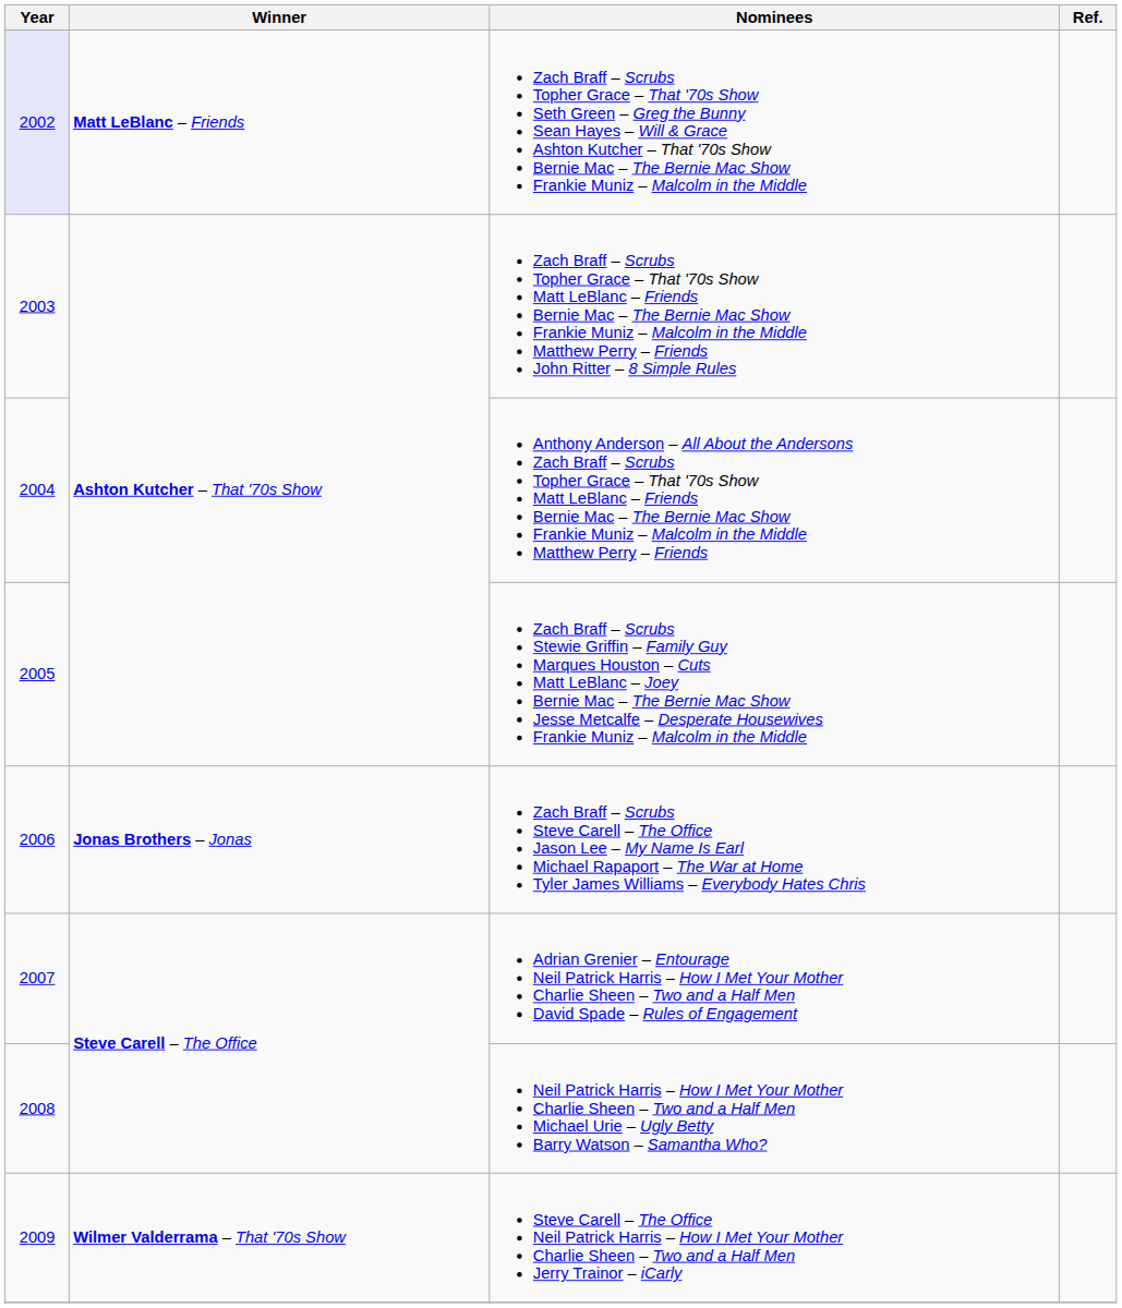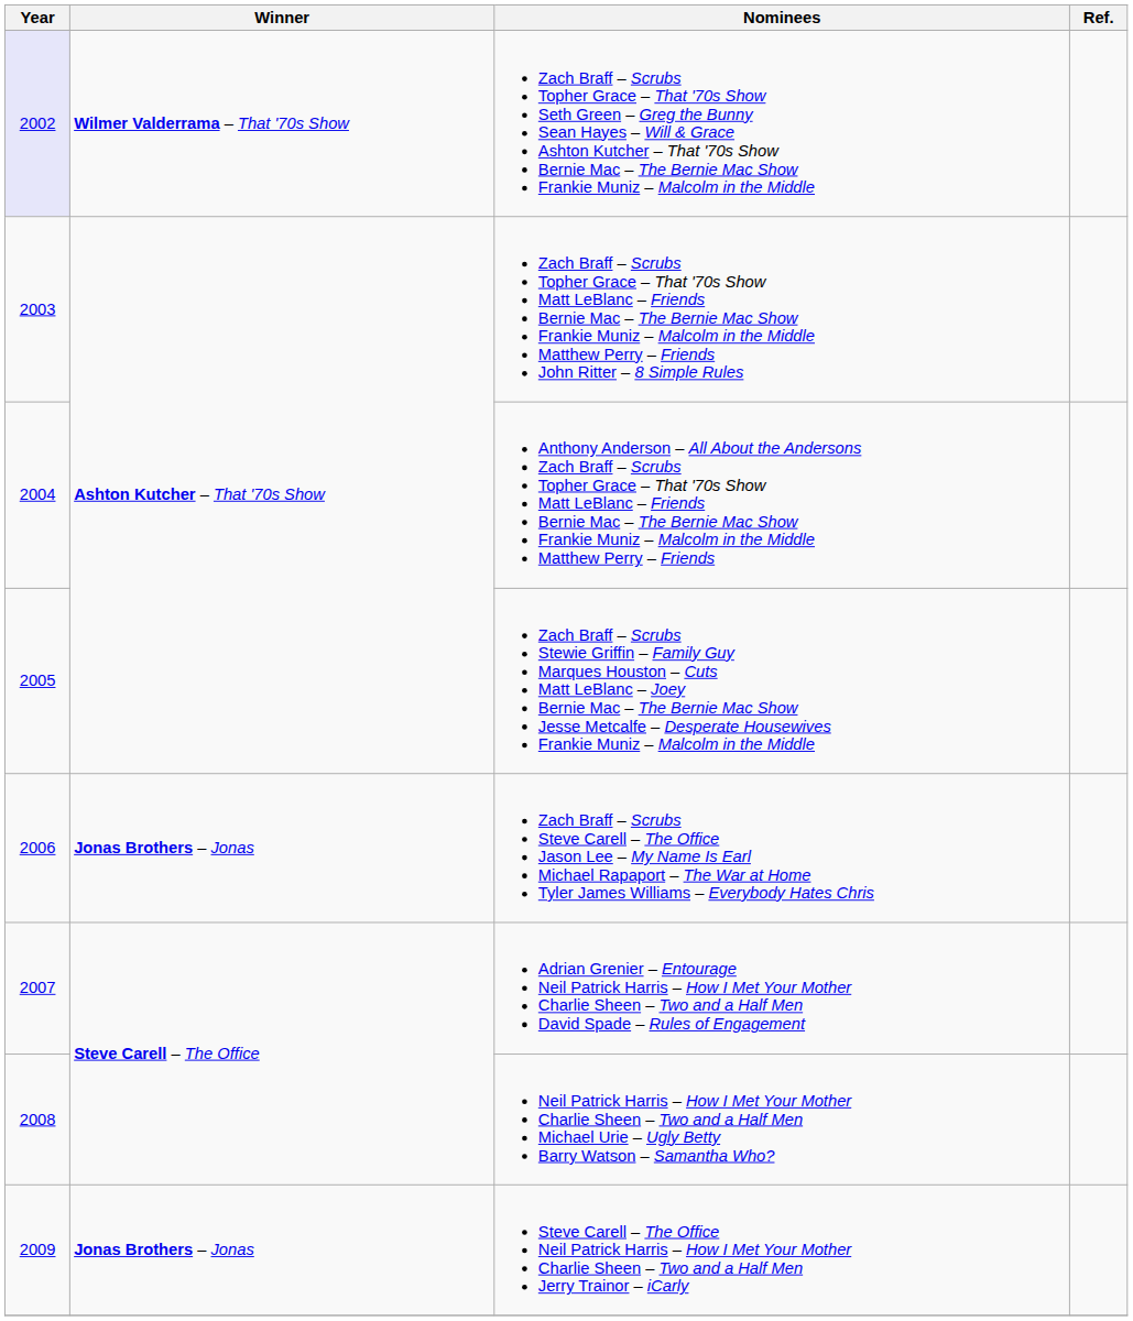 <table class="wikitable" width=70%>
 <tr>
 <th>Year</th>
 <th>Winner</th>
 <th>Nominees</th>
 <th>Ref.</th>
 </tr>
 <tr>
 <td align="center" style="background: lavender;"><a href='#'>2002</a></td>
-<td><strong><a href='#'>Matt LeBlanc</a></strong> – <em><a href='#'>Friends</a></em></td>
+<td><strong><a href='#'>Wilmer Valderrama</a></strong> – <em><a href='#'>That '70s Show</a></em></td>
 <td><br><ul><li><a href='#'>Zach Braff</a> – <em><a href='#'>Scrubs</a></em></li><li><a href='#'>Topher Grace</a> – <em><a href='#'>That '70s Show</a></em></li><li><a href='#'>Seth Green</a> – <em><a href='#'>Greg the Bunny</a></em></li><li><a href='#'>Sean Hayes</a> – <em><a href='#'>Will & Grace</a></em></li><li><a href='#'>Ashton Kutcher</a> – <em>That '70s Show</em></li><li><a href='#'>Bernie Mac</a> – <em><a href='#'>The Bernie Mac Show</a></em></li><li><a href='#'>Frankie Muniz</a> – <em><a href='#'>Malcolm in the Middle</a></em></li></ul></td>
 <td align="center"></td>
 </tr>
 <tr>
 <td align="center"><a href='#'>2003</a></td>
 <td rowspan=3><strong><a href='#'>Ashton Kutcher</a></strong> – <em><a href='#'>That '70s Show</a></em></td>
 <td><br><ul><li><a href='#'>Zach Braff</a> – <em><a href='#'>Scrubs</a></em></li><li><a href='#'>Topher Grace</a> – <em>That '70s Show</em></li><li><a href='#'>Matt LeBlanc</a> – <em><a href='#'>Friends</a></em></li><li><a href='#'>Bernie Mac</a> – <em><a href='#'>The Bernie Mac Show</a></em></li><li><a href='#'>Frankie Muniz</a> – <em><a href='#'>Malcolm in the Middle</a></em></li><li><a href='#'>Matthew Perry</a> – <em><a href='#'>Friends</a></em></li><li><a href='#'>John Ritter</a> – <em><a href='#'>8 Simple Rules</a></em></li></ul></td>
 <td align="center"></td>
 </tr>
 <tr>
 <td align="center"><a href='#'>2004</a></td>
 <td><br><ul><li><a href='#'>Anthony Anderson</a> – <em><a href='#'>All About the Andersons</a></em></li><li><a href='#'>Zach Braff</a> – <em><a href='#'>Scrubs</a></em></li><li><a href='#'>Topher Grace</a> – <em>That '70s Show</em></li><li><a href='#'>Matt LeBlanc</a> – <em><a href='#'>Friends</a></em></li><li><a href='#'>Bernie Mac</a> – <em><a href='#'>The Bernie Mac Show</a></em></li><li><a href='#'>Frankie Muniz</a> – <em><a href='#'>Malcolm in the Middle</a></em></li><li><a href='#'>Matthew Perry</a> – <em><a href='#'>Friends</a></em></li></ul></td>
 <td align="center"></td>
 </tr>
 <tr>
 <td align="center"><a href='#'>2005</a></td>
 <td><br><ul><li><a href='#'>Zach Braff</a> – <em><a href='#'>Scrubs</a></em></li><li><a href='#'>Stewie Griffin</a> – <em><a href='#'>Family Guy</a></em></li><li><a href='#'>Marques Houston</a> – <em><a href='#'>Cuts</a></em></li><li><a href='#'>Matt LeBlanc</a> – <em><a href='#'>Joey</a></em></li><li><a href='#'>Bernie Mac</a> – <em><a href='#'>The Bernie Mac Show</a></em></li><li><a href='#'>Jesse Metcalfe</a> – <em><a href='#'>Desperate Housewives</a></em></li><li><a href='#'>Frankie Muniz</a> – <em><a href='#'>Malcolm in the Middle</a></em></li></ul></td>
 <td align="center"></td>
 </tr>
 <tr>
 <td align="center"><a href='#'>2006</a></td>
 <td><strong><a href='#'>Jonas Brothers</a></strong> – <em><a href='#'>Jonas</a></em></td>
 <td><br><ul><li><a href='#'>Zach Braff</a> – <em><a href='#'>Scrubs</a></em></li><li><a href='#'>Steve Carell</a> – <em><a href='#'>The Office</a></em></li><li><a href='#'>Jason Lee</a> – <em><a href='#'>My Name Is Earl</a></em></li><li><a href='#'>Michael Rapaport</a> – <em><a href='#'>The War at Home</a></em></li><li><a href='#'>Tyler James Williams</a> – <em><a href='#'>Everybody Hates Chris</a></em></li></ul></td>
 <td align="center"></td>
 </tr>
 <tr>
 <td align="center"><a href='#'>2007</a></td>
 <td rowspan=2><strong><a href='#'>Steve Carell</a></strong> – <em><a href='#'>The Office</a></em></td>
 <td><br><ul><li><a href='#'>Adrian Grenier</a> – <em><a href='#'>Entourage</a></em></li><li><a href='#'>Neil Patrick Harris</a> – <em><a href='#'>How I Met Your Mother</a></em></li><li><a href='#'>Charlie Sheen</a> – <em><a href='#'>Two and a Half Men</a></em></li><li><a href='#'>David Spade</a> – <em><a href='#'>Rules of Engagement</a></em></li></ul></td>
 <td align="center"></td>
 </tr>
 <tr>
 <td align="center"><a href='#'>2008</a></td>
 <td><br><ul><li><a href='#'>Neil Patrick Harris</a> – <em><a href='#'>How I Met Your Mother</a></em></li><li><a href='#'>Charlie Sheen</a> – <em><a href='#'>Two and a Half Men</a></em></li><li><a href='#'>Michael Urie</a> – <em><a href='#'>Ugly Betty</a></em></li><li><a href='#'>Barry Watson</a> – <em><a href='#'>Samantha Who?</a></em></li></ul></td>
 <td align="center"></td>
 </tr>
 <tr>
 <td align="center"><a href='#'>2009</a></td>
-<td><strong><a href='#'>Wilmer Valderrama</a></strong> – <em><a href='#'>That '70s Show</a></em></td>
+<td><strong><a href='#'>Jonas Brothers</a></strong> – <em><a href='#'>Jonas</a></em></td>
 <td><br><ul><li><a href='#'>Steve Carell</a> – <em><a href='#'>The Office</a></em></li><li><a href='#'>Neil Patrick Harris</a> – <em><a href='#'>How I Met Your Mother</a></em></li><li><a href='#'>Charlie Sheen</a> – <em><a href='#'>Two and a Half Men</a></em></li><li><a href='#'>Jerry Trainor</a> – <em><a href='#'>iCarly</a></em></li></ul></td>
 <td align="center"></td>
 </tr>
 <tr>
 </tr>
 </table>
